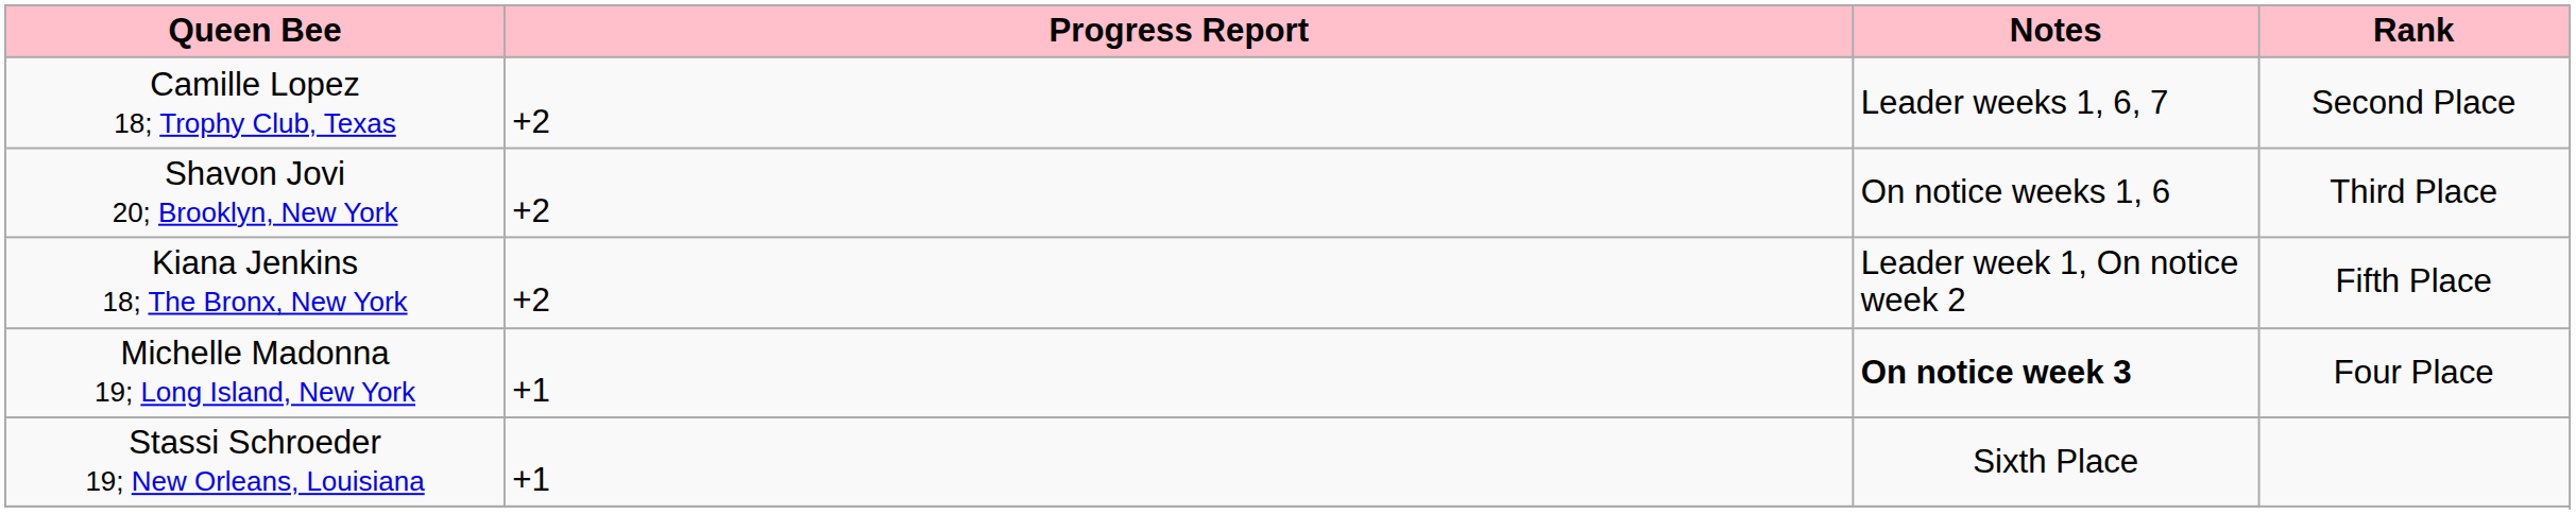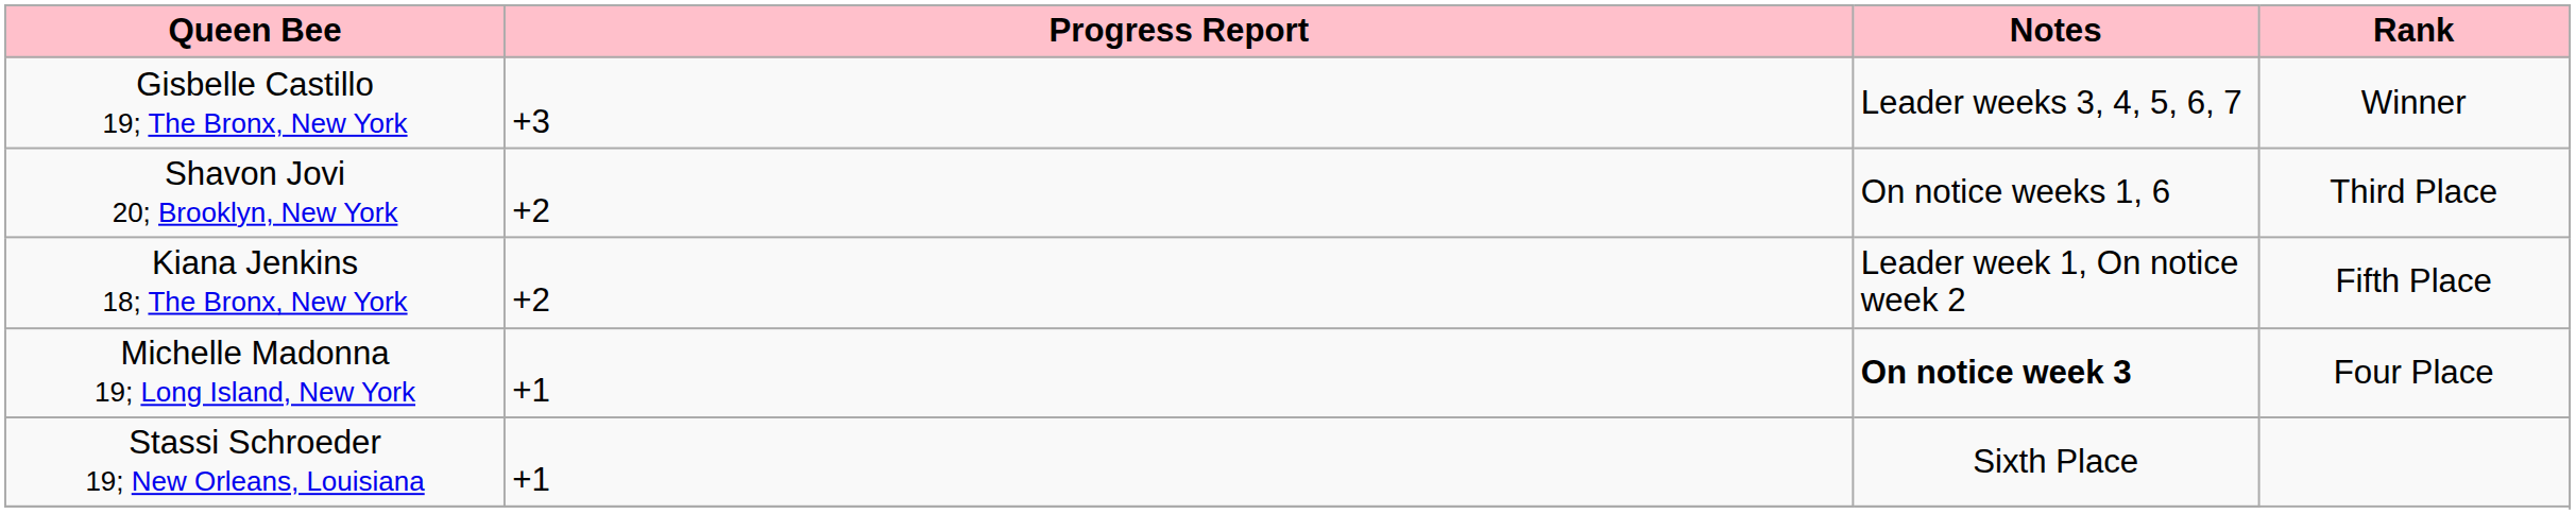 <table class="wikitable" width="98%">
 <tr>
 <th width="125" style="background:pink;">Queen Bee</th>
 <th width="350" style="background:pink;">Progress Report</th>
 <th width="100" style="background:pink;">Notes</th>
 <th width="75"  style="background:pink;">Rank</th>
 </tr>
 <tr>
-<td style="text-align:center;">Camille Lopez<br><small>18; <a href='#'>Trophy Club, Texas</a></small></td>
-<td><br>          +2</td>
-<td>Leader weeks 1, 6, 7</td>
-<td style="text-align: center; top">Second Place</td>
+<td style="text-align:center;">Gisbelle Castillo<br><small>19; <a href='#'>The Bronx, New York</a></small></td>
+<td><br>           +3</td>
+<td>Leader weeks 3, 4, 5, 6, 7</td>
+<td style="text-align: center; top">Winner</td>
 </tr>
 <tr>
 <td style="text-align:center;">Shavon Jovi<br><small>20; <a href='#'>Brooklyn, New York</a></small></td>
 <td><br>         +2</td>
 <td>On notice weeks 1, 6</td>
 <td style="text-align: center; top">Third Place</td>
 </tr>
 <tr>
 <td style="text-align:center;">Kiana Jenkins<br><small>18; <a href='#'>The Bronx, New York</a></small></td>
 <td><br>        +2</td>
 <td>Leader week 1, On notice week 2</td>
 <td style="text-align: center; top">Fifth Place</td>
 </tr>
 <tr>
 <td style="text-align:center;">Michelle Madonna<br><small>19; <a href='#'>Long Island, New York</a></small></td>
 <td><br>       +1</td>
 <td><strong>On notice week 3</strong></td>
 <td style="text-align: center; top">Four Place</td>
 </tr>
 <tr>
 <td style="text-align:center;">Stassi Schroeder<br><small>19; <a href='#'>New Orleans, Louisiana</a></small></td>
 <td><br>      +1</td>
 <td style="text-align: center; top">Sixth Place</td>
 </tr>
 <tr>
 </tr>
 </table>
